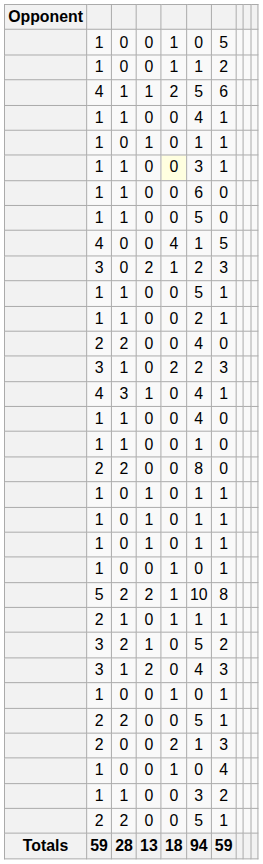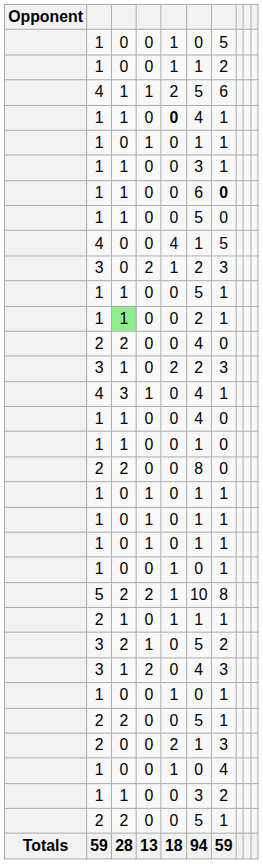 <table class="wikitable plainrowheaders sortable" style="text-align:center">
 <tr>
 <th scope=col>Opponent</th>
 <th scope=col></th>
 <th scope=col></th>
 <th scope=col></th>
 <th scope=col></th>
 <th scope=col></th>
 <th scope=col></th>
 <th scope=col></th>
 <th scope=col></th>
 <th scope=col></th>
 </tr>
 <tr>
 <th scope=row style="text-align:left;"></th>
 <td>1</td>
 <td>0</td>
 <td>0</td>
 <td>1</td>
 <td>0</td>
 <td>5</td>
 <td></td>
 <td></td>
 <td></td>
 </tr>
 <tr>
 <th scope=row style="text-align:left;"></th>
 <td>1</td>
 <td>0</td>
 <td>0</td>
 <td>1</td>
 <td>1</td>
 <td>2</td>
 <td></td>
 <td></td>
 <td></td>
 </tr>
 <tr>
 <th scope=row style="text-align:left;"></th>
 <td>4</td>
 <td>1</td>
 <td>1</td>
 <td>2</td>
 <td>5</td>
 <td>6</td>
 <td></td>
 <td></td>
 <td></td>
 </tr>
 <tr>
 <th scope=row style="text-align:left;"></th>
 <td>1</td>
 <td>1</td>
 <td>0</td>
-<td>0</td>
+<td><strong>0</strong></td>
 <td>4</td>
 <td>1</td>
 <td></td>
 <td></td>
 <td></td>
 </tr>
 <tr>
 <th scope=row style="text-align:left;"></th>
 <td>1</td>
 <td>0</td>
 <td>1</td>
 <td>0</td>
 <td>1</td>
 <td>1</td>
 <td></td>
 <td></td>
 <td></td>
 </tr>
 <tr>
 <th scope=row style="text-align:left;"></th>
 <td>1</td>
 <td>1</td>
 <td>0</td>
-<td style="background: lightyellow;">0</td>
+<td>0</td>
 <td>3</td>
 <td>1</td>
 <td></td>
 <td></td>
 <td></td>
 </tr>
 <tr>
 <th scope=row style="text-align:left;"></th>
 <td>1</td>
 <td>1</td>
 <td>0</td>
 <td>0</td>
 <td>6</td>
-<td>0</td>
+<td><strong>0</strong></td>
 <td></td>
 <td></td>
 <td></td>
 </tr>
 <tr>
 <th scope=row style="text-align:left;"></th>
 <td>1</td>
 <td>1</td>
 <td>0</td>
 <td>0</td>
 <td>5</td>
 <td>0</td>
 <td></td>
 <td></td>
 <td></td>
 </tr>
 <tr>
 <th scope=row style="text-align:left;"></th>
 <td>4</td>
 <td>0</td>
 <td>0</td>
 <td>4</td>
 <td>1</td>
 <td>5</td>
 <td></td>
 <td></td>
 <td></td>
 </tr>
 <tr>
 <th scope=row style="text-align:left;"></th>
 <td>3</td>
 <td>0</td>
 <td>2</td>
 <td>1</td>
 <td>2</td>
 <td>3</td>
 <td></td>
 <td></td>
 <td></td>
 </tr>
 <tr>
 <th scope=row style="text-align:left;"></th>
 <td>1</td>
 <td>1</td>
 <td>0</td>
 <td>0</td>
 <td>5</td>
 <td>1</td>
 <td></td>
 <td></td>
 <td></td>
 </tr>
 <tr>
 <th scope=row style="text-align:left;"></th>
 <td>1</td>
-<td>1</td>
+<td style="background: lightgreen;">1</td>
 <td>0</td>
 <td>0</td>
 <td>2</td>
 <td>1</td>
 <td></td>
 <td></td>
 <td></td>
 </tr>
 <tr>
 <th scope=row style="text-align:left;"></th>
 <td>2</td>
 <td>2</td>
 <td>0</td>
 <td>0</td>
 <td>4</td>
 <td>0</td>
 <td></td>
 <td></td>
 <td></td>
 </tr>
 <tr>
 <th scope=row style="text-align:left;"></th>
 <td>3</td>
 <td>1</td>
 <td>0</td>
 <td>2</td>
 <td>2</td>
 <td>3</td>
 <td></td>
 <td></td>
 <td></td>
 </tr>
 <tr>
 <th scope=row style="text-align:left;"></th>
 <td>4</td>
 <td>3</td>
 <td>1</td>
 <td>0</td>
 <td>4</td>
 <td>1</td>
 <td></td>
 <td></td>
 <td></td>
 </tr>
 <tr>
 <th scope=row style="text-align:left;"></th>
 <td>1</td>
 <td>1</td>
 <td>0</td>
 <td>0</td>
 <td>4</td>
 <td>0</td>
 <td></td>
 <td></td>
 <td></td>
 </tr>
 <tr>
 <th scope=row style="text-align:left;"></th>
 <td>1</td>
 <td>1</td>
 <td>0</td>
 <td>0</td>
 <td>1</td>
 <td>0</td>
 <td></td>
 <td></td>
 <td></td>
 </tr>
 <tr>
 <th scope=row style="text-align:left;"></th>
 <td>2</td>
 <td>2</td>
 <td>0</td>
 <td>0</td>
 <td>8</td>
 <td>0</td>
 <td></td>
 <td></td>
 <td></td>
 </tr>
 <tr>
 <th scope=row style="text-align:left;"></th>
 <td>1</td>
 <td>0</td>
 <td>1</td>
 <td>0</td>
 <td>1</td>
 <td>1</td>
 <td></td>
 <td></td>
 <td></td>
 </tr>
 <tr>
 <th scope=row style="text-align:left;"></th>
 <td>1</td>
 <td>0</td>
 <td>1</td>
 <td>0</td>
 <td>1</td>
 <td>1</td>
 <td></td>
 <td></td>
 <td></td>
 </tr>
 <tr>
 <th scope=row style="text-align:left;"></th>
 <td>1</td>
 <td>0</td>
 <td>1</td>
 <td>0</td>
 <td>1</td>
 <td>1</td>
 <td></td>
 <td></td>
 <td></td>
 </tr>
 <tr>
 <th scope=row style="text-align:left;"></th>
 <td>1</td>
 <td>0</td>
 <td>0</td>
 <td>1</td>
 <td>0</td>
 <td>1</td>
 <td></td>
 <td></td>
 <td></td>
 </tr>
 <tr>
 <th scope=row style="text-align:left;"></th>
 <td>5</td>
 <td>2</td>
 <td>2</td>
 <td>1</td>
 <td>10</td>
 <td>8</td>
 <td></td>
 <td></td>
 <td></td>
 </tr>
 <tr>
 <th scope=row style="text-align:left;"></th>
 <td>2</td>
 <td>1</td>
 <td>0</td>
 <td>1</td>
 <td>1</td>
 <td>1</td>
 <td></td>
 <td></td>
 <td></td>
 </tr>
 <tr>
 <th scope=row style="text-align:left;"></th>
 <td>3</td>
 <td>2</td>
 <td>1</td>
 <td>0</td>
 <td>5</td>
 <td>2</td>
 <td></td>
 <td></td>
 <td></td>
 </tr>
 <tr>
 <th scope=row style="text-align:left;"></th>
 <td>3</td>
 <td>1</td>
 <td>2</td>
 <td>0</td>
 <td>4</td>
 <td>3</td>
 <td></td>
 <td></td>
 <td></td>
 </tr>
 <tr>
 <th scope=row style="text-align:left;"></th>
 <td>1</td>
 <td>0</td>
 <td>0</td>
 <td>1</td>
 <td>0</td>
 <td>1</td>
 <td></td>
 <td></td>
 <td></td>
 </tr>
 <tr>
 <th scope=row style="text-align:left;"></th>
 <td>2</td>
 <td>2</td>
 <td>0</td>
 <td>0</td>
 <td>5</td>
 <td>1</td>
 <td></td>
 <td></td>
 <td></td>
 </tr>
 <tr>
 <th scope=row style="text-align:left;"></th>
 <td>2</td>
 <td>0</td>
 <td>0</td>
 <td>2</td>
 <td>1</td>
 <td>3</td>
 <td></td>
 <td></td>
 <td></td>
 </tr>
 <tr>
 <th scope=row style="text-align:left;"></th>
 <td>1</td>
 <td>0</td>
 <td>0</td>
 <td>1</td>
 <td>0</td>
 <td>4</td>
 <td></td>
 <td></td>
 <td></td>
 </tr>
 <tr>
 <th scope=row style="text-align:left;"></th>
 <td>1</td>
 <td>1</td>
 <td>0</td>
 <td>0</td>
 <td>3</td>
 <td>2</td>
 <td></td>
 <td></td>
 <td></td>
 </tr>
 <tr>
 <th scope=row style="text-align:left;"></th>
 <td>2</td>
 <td>2</td>
 <td>0</td>
 <td>0</td>
 <td>5</td>
 <td>1</td>
 <td></td>
 <td></td>
 <td></td>
 </tr>
 <tr class="sortbottom">
 <th>Totals</th>
 <th>59</th>
 <th>28</th>
 <th>13</th>
 <th>18</th>
 <th>94</th>
 <th>59</th>
 <th></th>
 <th></th>
 <th></th>
 </tr>
 </table>
